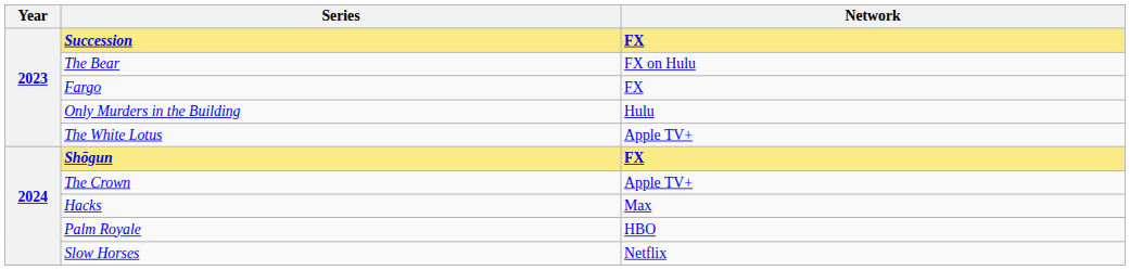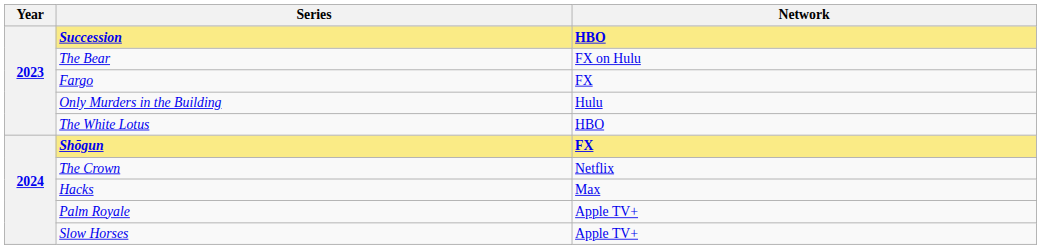 <table class="wikitable sortable" style="width:95%;">
 <tr>
 <th scope="col" style="width:5%;">Year</th>
 <th scope="col" style="width:50%;">Series</th>
 <th width="45%">Network</th>
 </tr>
 <tr>
 <th scope="row" rowspan=5 style="text-align:center;"><a href='#'>2023</a><br> <br> </th>
 <td style="background:#FAEB86;"><strong><em><a href='#'>Succession</a></em></strong></td>
-<td style="background:#FAEB86;"><strong><a href='#'>FX</a></strong></td>
+<td style="background:#FAEB86;"><strong><a href='#'>HBO</a></strong></td>
 </tr>
 <tr>
 <td><em><a href='#'>The Bear</a></em></td>
 <td><a href='#'>FX on Hulu</a></td>
 </tr>
 <tr>
 <td><em><a href='#'>Fargo</a></em></td>
 <td><a href='#'>FX</a></td>
 </tr>
 <tr>
 <td><em><a href='#'>Only Murders in the Building</a></em></td>
 <td><a href='#'>Hulu</a></td>
 </tr>
 <tr>
 <td><em><a href='#'>The White Lotus</a></em></td>
-<td><a href='#'>Apple TV+</a></td>
+<td><a href='#'>HBO</a></td>
 </tr>
 <tr>
 <th scope="row" rowspan=5 style="text-align:center;"><a href='#'>2024</a><br> <br> </th>
 <td style="background:#FAEB86;"><strong><em><a href='#'>Shōgun</a></em></strong></td>
 <td style="background:#FAEB86;"><strong><a href='#'>FX</a></strong></td>
 </tr>
 <tr>
 <td><em><a href='#'>The Crown</a></em></td>
-<td><a href='#'>Apple TV+</a></td>
+<td><a href='#'>Netflix</a></td>
 </tr>
 <tr>
 <td><em><a href='#'>Hacks</a></em></td>
 <td><a href='#'>Max</a></td>
 </tr>
 <tr>
 <td><em><a href='#'>Palm Royale</a></em></td>
-<td><a href='#'>HBO</a></td>
+<td><a href='#'>Apple TV+</a></td>
 </tr>
 <tr>
 <td><em><a href='#'>Slow Horses</a></em></td>
-<td><a href='#'>Netflix</a></td>
+<td><a href='#'>Apple TV+</a></td>
 </tr>
 </table>
